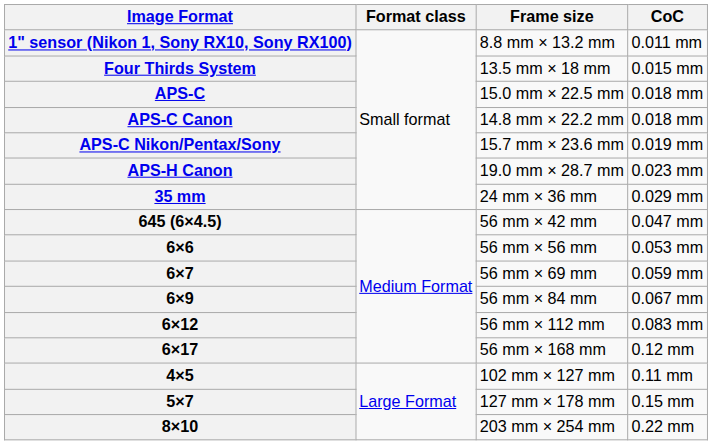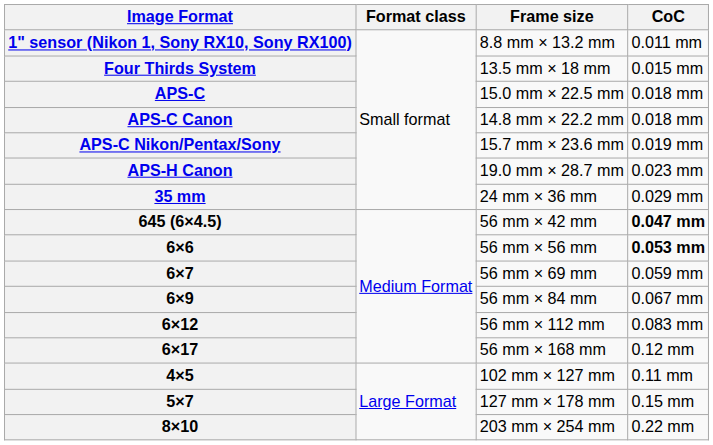 <table class="wikitable sortable plainrowheaders">
 <tr>
 <th scope="col"><a href='#'>Image Format</a></th>
 <th scope="col">Format class</th>
 <th scope="col">Frame size</th>
 <th scope="col">CoC</th>
 </tr>
 <tr>
 <th scope="row"><a href='#'>1" sensor (Nikon 1, Sony RX10, Sony RX100)</a></th>
 <td rowspan=7>Small format</td>
 <td>8.8 mm × 13.2 mm</td>
 <td>0.011 mm</td>
 </tr>
 <tr>
 <th scope="row"><a href='#'>Four Thirds System</a></th>
 <td>13.5 mm × 18 mm</td>
 <td>0.015 mm</td>
 </tr>
 <tr>
 <th scope="row"><a href='#'>APS-C</a></th>
 <td>15.0 mm × 22.5 mm</td>
 <td>0.018 mm</td>
 </tr>
 <tr>
 <th scope="row"><a href='#'>APS-C Canon</a></th>
 <td>14.8 mm × 22.2 mm</td>
 <td>0.018 mm</td>
 </tr>
 <tr>
 <th scope="row"><a href='#'>APS-C Nikon/Pentax/Sony</a></th>
 <td>15.7 mm × 23.6 mm</td>
 <td>0.019 mm</td>
 </tr>
 <tr>
 <th scope="row"><a href='#'>APS-H Canon</a></th>
 <td>19.0 mm × 28.7 mm</td>
 <td>0.023 mm</td>
 </tr>
 <tr>
 <th scope="row"><a href='#'>35 mm</a></th>
 <td>24 mm × 36 mm</td>
 <td>0.029 mm</td>
 </tr>
 <tr>
 <th scope="row">645 (6×4.5)</th>
 <td rowspan=6><a href='#'>Medium Format</a></td>
 <td>56 mm × 42 mm</td>
-<td>0.047 mm</td>
+<td><strong>0.047 mm</strong></td>
 </tr>
 <tr>
 <th scope="row">6×6</th>
 <td>56 mm × 56 mm</td>
-<td>0.053 mm</td>
+<td><strong>0.053 mm</strong></td>
 </tr>
 <tr>
 <th scope="row">6×7</th>
 <td>56 mm × 69 mm</td>
 <td>0.059 mm</td>
 </tr>
 <tr>
 <th scope="row">6×9</th>
 <td>56 mm × 84 mm</td>
 <td>0.067 mm</td>
 </tr>
 <tr>
 <th scope="row">6×12</th>
 <td>56 mm × 112 mm</td>
 <td>0.083 mm</td>
 </tr>
 <tr>
 <th scope="row">6×17</th>
 <td>56 mm × 168 mm</td>
 <td>0.12 mm</td>
 </tr>
 <tr>
 <th scope="row">4×5</th>
 <td rowspan=3><a href='#'>Large Format</a></td>
 <td>102 mm × 127 mm</td>
 <td>0.11 mm</td>
 </tr>
 <tr>
 <th scope="row">5×7</th>
 <td>127 mm × 178 mm</td>
 <td>0.15 mm</td>
 </tr>
 <tr>
 <th scope="row">8×10</th>
 <td>203 mm × 254 mm</td>
 <td>0.22 mm</td>
 </tr>
 </table>
